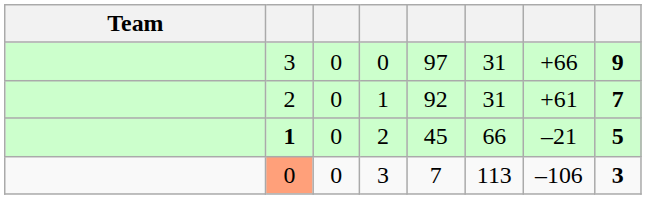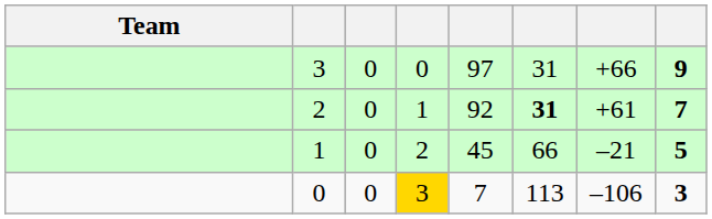 <table class="wikitable" style="text-align:center;">
 <tr>
 <th style="width:10.5em;">Team</th>
 <th style="width:1.5em;"></th>
 <th style="width:1.5em;"></th>
 <th style="width:1.5em;"></th>
 <th style="width:2.0em;"></th>
 <th style="width:2.0em;"></th>
 <th style="width:2.5em;"></th>
 <th style="width:1.5em;"></th>
 </tr>
 <tr bgcolor=#cfc>
 <td align="left"></td>
 <td>3</td>
 <td>0</td>
 <td>0</td>
 <td>97</td>
 <td>31</td>
 <td>+66</td>
 <td><strong>9</strong></td>
 </tr>
 <tr bgcolor=#cfc>
 <td align="left"></td>
 <td>2</td>
 <td>0</td>
 <td>1</td>
 <td>92</td>
-<td>31</td>
+<td><strong>31</strong></td>
 <td>+61</td>
 <td><strong>7</strong></td>
 </tr>
 <tr bgcolor=#cfc>
 <td align="left"></td>
-<td><strong>1</strong></td>
+<td>1</td>
 <td>0</td>
 <td>2</td>
 <td>45</td>
 <td>66</td>
 <td>–21</td>
 <td><strong>5</strong></td>
 </tr>
 <tr>
 <td align="left"></td>
-<td style="background: lightsalmon;">0</td>
 <td>0</td>
-<td>3</td>
+<td>0</td>
+<td style="background: gold;">3</td>
 <td>7</td>
 <td>113</td>
 <td>–106</td>
 <td><strong>3</strong></td>
 </tr>
 </table>
